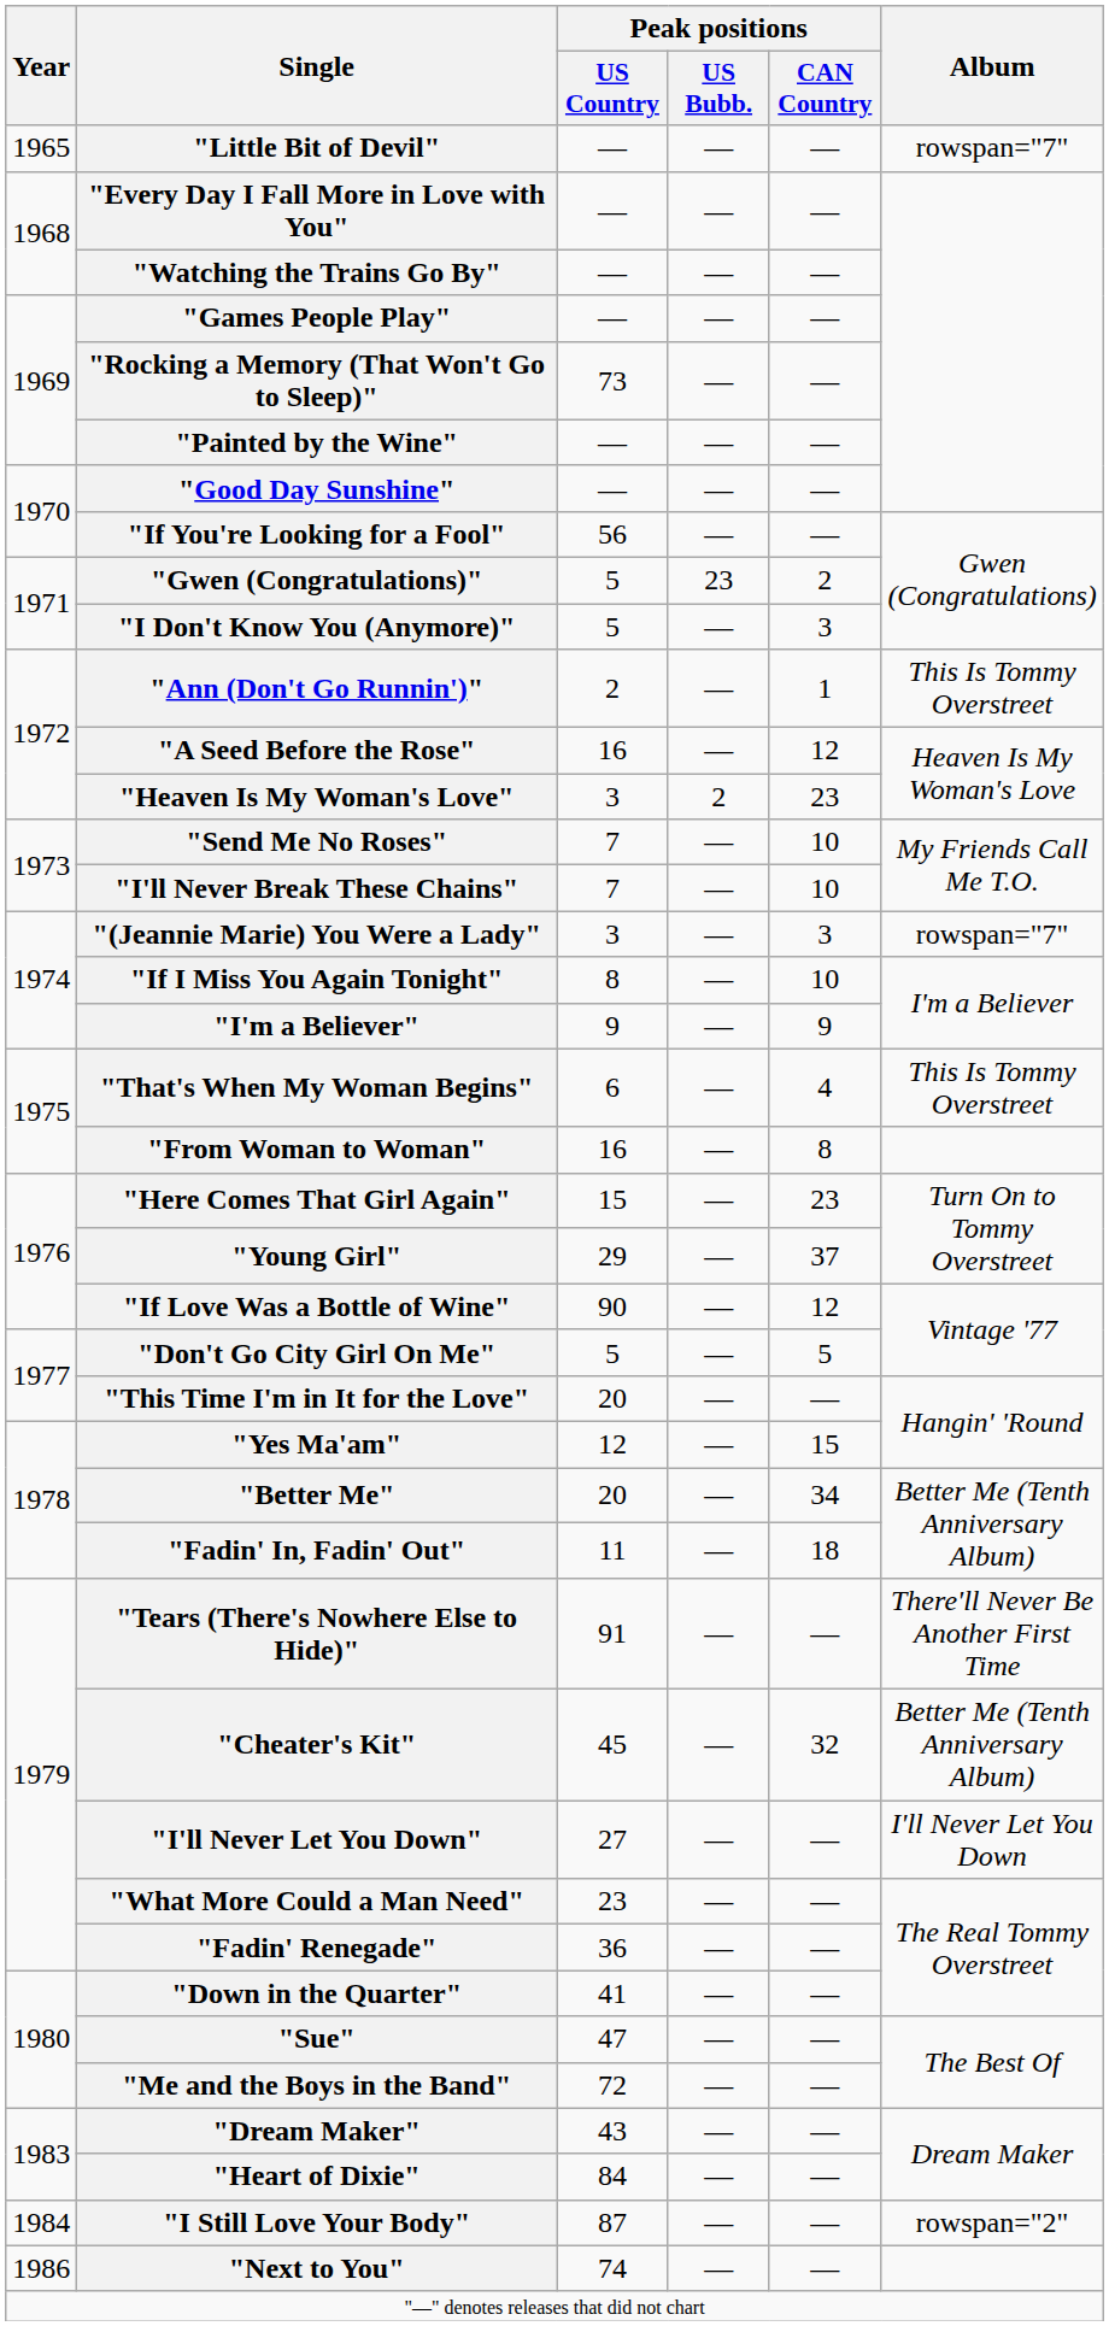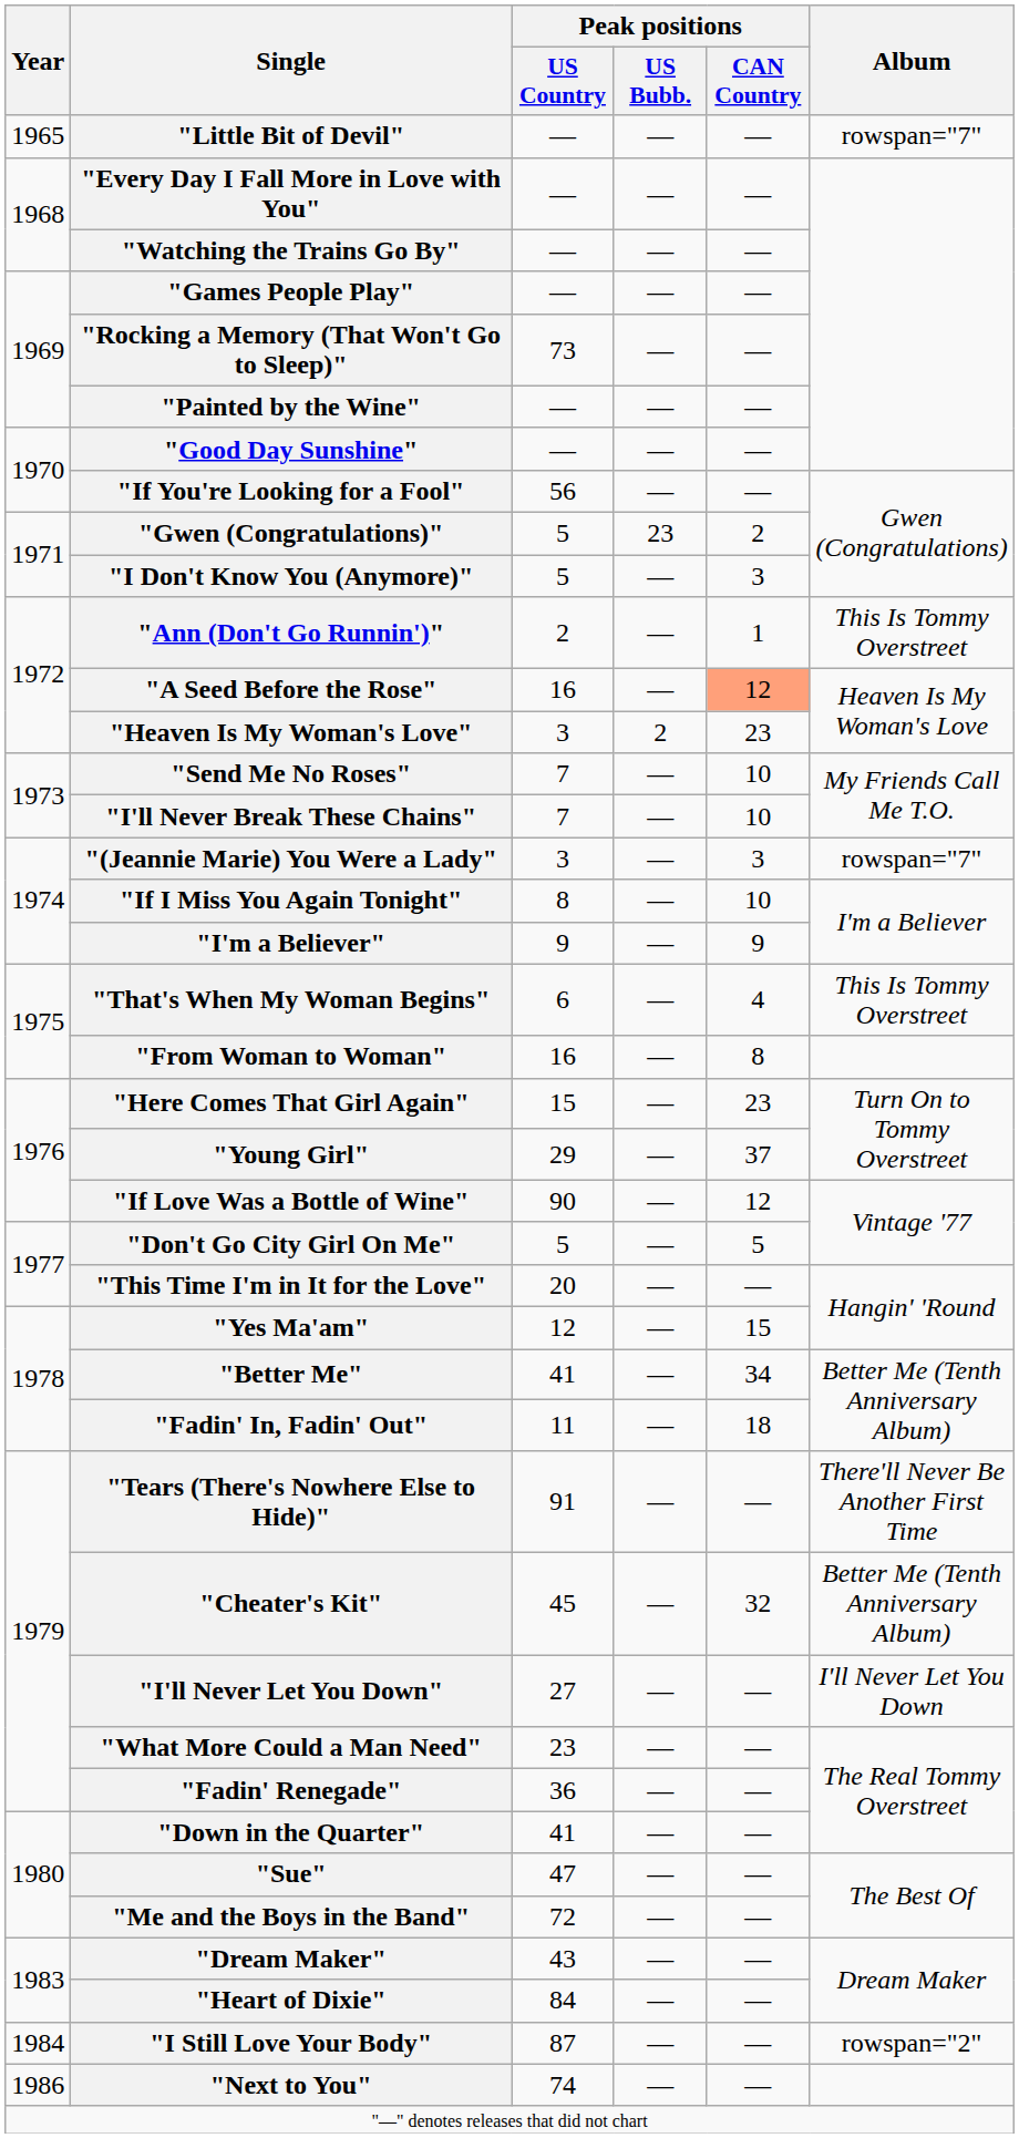 <table class="wikitable plainrowheaders" style="text-align:center;">
 <tr>
 <th rowspan="2">Year</th>
 <th rowspan="2" style="width:22em;">Single</th>
 <th colspan="3">Peak positions</th>
 <th rowspan="2">Album</th>
 </tr>
 <tr>
 <th scope="col" style="width:4em; font-size:90%;"><a href='#'>US Country</a><br></th>
 <th scope="col" style="width:4em; font-size:90%;"><a href='#'>US Bubb.</a><br></th>
 <th scope="col" style="width:4em; font-size:90%;"><a href='#'>CAN Country</a><br></th>
 </tr>
 <tr>
 <td>1965</td>
 <th scope="row">"Little Bit of Devil"</th>
 <td>—</td>
 <td>—</td>
 <td>—</td>
 <td>rowspan="7" </td>
 </tr>
 <tr>
 <td rowspan="2">1968</td>
 <th scope="row">"Every Day I Fall More in Love with You"</th>
 <td>—</td>
 <td>—</td>
 <td>—</td>
 </tr>
 <tr>
 <th scope="row">"Watching the Trains Go By"</th>
 <td>—</td>
 <td>—</td>
 <td>—</td>
 </tr>
 <tr>
 <td rowspan="3">1969</td>
 <th scope="row">"Games People Play"</th>
 <td>—</td>
 <td>—</td>
 <td>—</td>
 </tr>
 <tr>
 <th scope="row">"Rocking a Memory (That Won't Go to Sleep)"</th>
 <td>73</td>
 <td>—</td>
 <td>—</td>
 </tr>
 <tr>
 <th scope="row">"Painted by the Wine"</th>
 <td>—</td>
 <td>—</td>
 <td>—</td>
 </tr>
 <tr>
 <td rowspan="2">1970</td>
 <th scope="row">"<a href='#'>Good Day Sunshine</a>" </th>
 <td>—</td>
 <td>—</td>
 <td>—</td>
 </tr>
 <tr>
 <th scope="row">"If You're Looking for a Fool"</th>
 <td>56</td>
 <td>—</td>
 <td>—</td>
 <td rowspan="3"><em>Gwen (Congratulations)</em></td>
 </tr>
 <tr>
 <td rowspan="2">1971</td>
 <th scope="row">"Gwen (Congratulations)"</th>
 <td>5</td>
 <td>23</td>
 <td>2</td>
 </tr>
 <tr>
 <th scope="row">"I Don't Know You (Anymore)"</th>
 <td>5</td>
 <td>—</td>
 <td>3</td>
 </tr>
 <tr>
 <td rowspan="3">1972</td>
 <th scope="row">"<a href='#'>Ann (Don't Go Runnin')</a>"</th>
 <td>2</td>
 <td>—</td>
 <td>1</td>
 <td><em>This Is Tommy Overstreet</em></td>
 </tr>
 <tr>
 <th scope="row">"A Seed Before the Rose"</th>
 <td>16</td>
 <td>—</td>
-<td>12</td>
+<td style="background: lightsalmon;">12</td>
 <td rowspan="2"><em>Heaven Is My Woman's Love</em></td>
 </tr>
 <tr>
 <th scope="row">"Heaven Is My Woman's Love"</th>
 <td>3</td>
 <td>2</td>
 <td>23</td>
 </tr>
 <tr>
 <td rowspan="2">1973</td>
 <th scope="row">"Send Me No Roses"</th>
 <td>7</td>
 <td>—</td>
 <td>10</td>
 <td rowspan="2"><em>My Friends Call Me T.O.</em></td>
 </tr>
 <tr>
 <th scope="row">"I'll Never Break These Chains"</th>
 <td>7</td>
 <td>—</td>
 <td>10</td>
 </tr>
 <tr>
 <td rowspan="3">1974</td>
 <th scope="row">"(Jeannie Marie) You Were a Lady"</th>
 <td>3</td>
 <td>—</td>
 <td>3</td>
 <td>rowspan="7" </td>
 </tr>
 <tr>
 <th scope="row">"If I Miss You Again Tonight"</th>
 <td>8</td>
 <td>—</td>
 <td>10</td>
 <td rowspan="2"><em>I'm a Believer</em></td>
 </tr>
 <tr>
 <th scope="row">"I'm a Believer"</th>
 <td>9</td>
 <td>—</td>
 <td>9</td>
 </tr>
 <tr>
 <td rowspan="2">1975</td>
 <th scope="row">"That's When My Woman Begins"</th>
 <td>6</td>
 <td>—</td>
 <td>4</td>
 <td><em>This Is Tommy Overstreet</em></td>
 </tr>
 <tr>
 <th scope="row">"From Woman to Woman"</th>
 <td>16</td>
 <td>—</td>
 <td>8</td>
 <td></td>
 </tr>
 <tr>
 <td rowspan="3">1976</td>
 <th scope="row">"Here Comes That Girl Again"</th>
 <td>15</td>
 <td>—</td>
 <td>23</td>
 <td rowspan="2"><em>Turn On to Tommy Overstreet</em></td>
 </tr>
 <tr>
 <th scope="row">"Young Girl"</th>
 <td>29</td>
 <td>—</td>
 <td>37</td>
 </tr>
 <tr>
 <th scope="row">"If Love Was a Bottle of Wine"</th>
 <td>90</td>
 <td>—</td>
 <td>12</td>
 <td rowspan="2"><em>Vintage '77</em></td>
 </tr>
 <tr>
 <td rowspan="2">1977</td>
 <th scope="row">"Don't Go City Girl On Me"</th>
 <td>5</td>
 <td>—</td>
 <td>5</td>
 </tr>
 <tr>
 <th scope="row">"This Time I'm in It for the Love"</th>
 <td>20</td>
 <td>—</td>
 <td>—</td>
 <td rowspan="2"><em>Hangin' 'Round</em></td>
 </tr>
 <tr>
 <td rowspan="3">1978</td>
 <th scope="row">"Yes Ma'am"</th>
 <td>12</td>
 <td>—</td>
 <td>15</td>
 </tr>
 <tr>
 <th scope="row">"Better Me"</th>
-<td>20</td>
+<td>41</td>
 <td>—</td>
 <td>34</td>
 <td rowspan="2"><em>Better Me (Tenth Anniversary Album)</em></td>
 </tr>
 <tr>
 <th scope="row">"Fadin' In, Fadin' Out"</th>
 <td>11</td>
 <td>—</td>
 <td>18</td>
 </tr>
 <tr>
 <td rowspan="5">1979</td>
 <th scope="row">"Tears (There's Nowhere Else to Hide)"<br></th>
 <td>91</td>
 <td>—</td>
 <td>—</td>
 <td><em>There'll Never Be Another First Time</em></td>
 </tr>
 <tr>
 <th scope="row">"Cheater's Kit"</th>
 <td>45</td>
 <td>—</td>
 <td>32</td>
 <td><em>Better Me (Tenth Anniversary Album)</em></td>
 </tr>
 <tr>
 <th scope="row">"I'll Never Let You Down"</th>
 <td>27</td>
 <td>—</td>
 <td>—</td>
 <td><em>I'll Never Let You Down</em></td>
 </tr>
 <tr>
 <th scope="row">"What More Could a Man Need"</th>
 <td>23</td>
 <td>—</td>
 <td>—</td>
 <td rowspan="3"><em>The Real Tommy Overstreet</em></td>
 </tr>
 <tr>
 <th scope="row">"Fadin' Renegade"</th>
 <td>36</td>
 <td>—</td>
 <td>—</td>
 </tr>
 <tr>
 <td rowspan="3">1980</td>
 <th scope="row">"Down in the Quarter"</th>
 <td>41</td>
 <td>—</td>
 <td>—</td>
 </tr>
 <tr>
 <th scope="row">"Sue"</th>
 <td>47</td>
 <td>—</td>
 <td>—</td>
 <td rowspan="2"><em>The Best Of</em></td>
 </tr>
 <tr>
 <th scope="row">"Me and the Boys in the Band"</th>
 <td>72</td>
 <td>—</td>
 <td>—</td>
 </tr>
 <tr>
 <td rowspan="2">1983</td>
 <th scope="row">"Dream Maker"</th>
 <td>43</td>
 <td>—</td>
 <td>—</td>
 <td rowspan="2"><em>Dream Maker</em></td>
 </tr>
 <tr>
 <th scope="row">"Heart of Dixie"</th>
 <td>84</td>
 <td>—</td>
 <td>—</td>
 </tr>
 <tr>
 <td>1984</td>
 <th scope="row">"I Still Love Your Body"</th>
 <td>87</td>
 <td>—</td>
 <td>—</td>
 <td>rowspan="2" </td>
 </tr>
 <tr>
 <td>1986</td>
 <th scope="row">"Next to You"</th>
 <td>74</td>
 <td>—</td>
 <td>—</td>
 </tr>
 <tr>
 <td colspan="6" style="font-size:8pt">"—" denotes releases that did not chart</td>
 </tr>
 </table>
